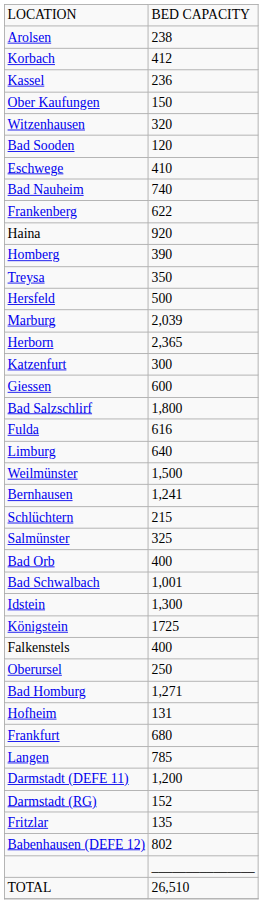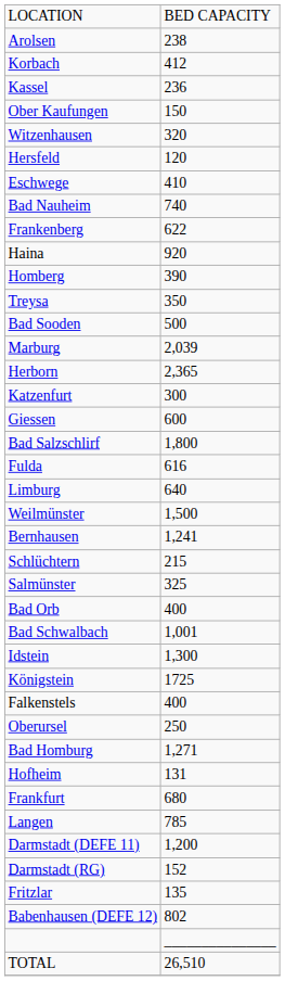 <table class="wikitable">
 <tr>
 <td>LOCATION</td>
 <td>BED CAPACITY</td>
 </tr>
 <tr>
 <td><a href='#'>Arolsen</a></td>
 <td>238</td>
 </tr>
 <tr>
 <td><a href='#'>Korbach</a></td>
 <td>412</td>
 </tr>
 <tr>
 <td><a href='#'>Kassel</a></td>
 <td>236</td>
 </tr>
 <tr>
 <td><a href='#'>Ober Kaufungen</a></td>
 <td>150</td>
 </tr>
 <tr>
 <td><a href='#'>Witzenhausen</a></td>
 <td>320</td>
 </tr>
 <tr>
-<td><a href='#'>Bad Sooden</a></td>
+<td><a href='#'>Hersfeld</a></td>
 <td>120</td>
 </tr>
 <tr>
 <td><a href='#'>Eschwege</a></td>
 <td>410</td>
 </tr>
 <tr>
 <td><a href='#'>Bad Nauheim</a></td>
 <td>740</td>
 </tr>
 <tr>
 <td><a href='#'>Frankenberg</a></td>
 <td>622</td>
 </tr>
 <tr>
 <td>Haina</td>
 <td>920</td>
 </tr>
 <tr>
 <td><a href='#'>Homberg</a></td>
 <td>390</td>
 </tr>
 <tr>
 <td><a href='#'>Treysa</a></td>
 <td>350</td>
 </tr>
 <tr>
-<td><a href='#'>Hersfeld</a></td>
+<td><a href='#'>Bad Sooden</a></td>
 <td>500</td>
 </tr>
 <tr>
 <td><a href='#'>Marburg</a></td>
 <td>2,039</td>
 </tr>
 <tr>
 <td><a href='#'>Herborn</a></td>
 <td>2,365</td>
 </tr>
 <tr>
 <td><a href='#'>Katzenfurt</a></td>
 <td>300</td>
 </tr>
 <tr>
 <td><a href='#'>Giessen</a></td>
 <td>600</td>
 </tr>
 <tr>
 <td><a href='#'>Bad Salzschlirf</a></td>
 <td>1,800</td>
 </tr>
 <tr>
 <td><a href='#'>Fulda</a></td>
 <td>616</td>
 </tr>
 <tr>
 <td><a href='#'>Limburg</a></td>
 <td>640</td>
 </tr>
 <tr>
 <td><a href='#'>Weilmünster</a></td>
 <td>1,500</td>
 </tr>
 <tr>
 <td><a href='#'>Bernhausen</a></td>
 <td>1,241</td>
 </tr>
 <tr>
 <td><a href='#'>Schlüchtern</a></td>
 <td>215</td>
 </tr>
 <tr>
 <td><a href='#'>Salmünster</a></td>
 <td>325</td>
 </tr>
 <tr>
 <td><a href='#'>Bad Orb</a></td>
 <td>400</td>
 </tr>
 <tr>
 <td><a href='#'>Bad Schwalbach</a></td>
 <td>1,001</td>
 </tr>
 <tr>
 <td><a href='#'>Idstein</a></td>
 <td>1,300</td>
 </tr>
 <tr>
 <td><a href='#'>Königstein</a></td>
 <td>1725</td>
 </tr>
 <tr>
 <td>Falkenstels</td>
 <td>400</td>
 </tr>
 <tr>
 <td><a href='#'>Oberursel</a></td>
 <td>250</td>
 </tr>
 <tr>
 <td><a href='#'>Bad Homburg</a></td>
 <td>1,271</td>
 </tr>
 <tr>
 <td><a href='#'>Hofheim</a></td>
 <td>131</td>
 </tr>
 <tr>
 <td><a href='#'>Frankfurt</a></td>
 <td>680</td>
 </tr>
 <tr>
 <td><a href='#'>Langen</a></td>
 <td>785</td>
 </tr>
 <tr>
 <td><a href='#'>Darmstadt (DEFE 11)</a></td>
 <td>1,200</td>
 </tr>
 <tr>
 <td><a href='#'>Darmstadt (RG)</a></td>
 <td>152</td>
 </tr>
 <tr>
 <td><a href='#'>Fritzlar</a></td>
 <td>135</td>
 </tr>
 <tr>
 <td><a href='#'>Babenhausen (DEFE 12)</a></td>
 <td>802</td>
 </tr>
 <tr>
 <td></td>
 <td>_______________</td>
 </tr>
 <tr>
 <td>TOTAL</td>
 <td>26,510</td>
 </tr>
 <tr>
 </tr>
 </table>
